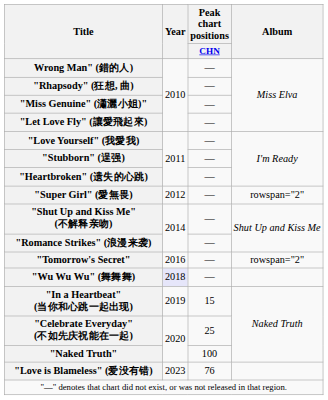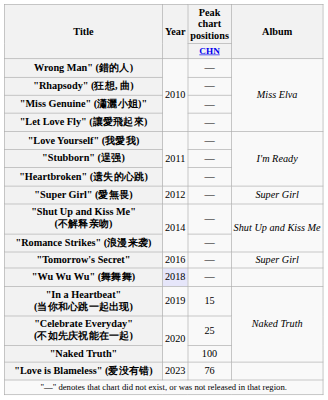 <table class="wikitable plainrowheaders" style="text-align:center;">
 <tr>
 <th rowspan="2" scope="col" width="240">Title</th>
 <th rowspan="2" scope="col">Year</th>
 <th>Peak chart positions</th>
 <th rowspan="2" scope="col">Album</th>
 </tr>
 <tr>
 <th scope="col" style="width:3em;font-size:90%;"><a href='#'>CHN</a><br></th>
 </tr>
 <tr>
 <th scope="row">Wrong Man" (錯的人)</th>
 <td rowspan="4">2010</td>
 <td>—</td>
 <td rowspan="4"><em>Miss Elva</em></td>
 </tr>
 <tr>
 <th scope="row">"Rhapsody" (狂想, 曲)</th>
 <td>—</td>
 </tr>
 <tr>
 <th scope="row">"Miss Genuine" (瀟灑小姐)"</th>
 <td>—</td>
 </tr>
 <tr>
 <th scope="row">"Let Love Fly" (讓愛飛起來)</th>
 <td>—</td>
 </tr>
 <tr>
 <th scope="row">"Love Yourself" (我愛我)</th>
 <td rowspan="3">2011</td>
 <td>—</td>
 <td rowspan="3"><em>I'm Ready</em></td>
 </tr>
 <tr>
 <th scope="row">"Stubborn" (逞强)</th>
 <td>—</td>
 </tr>
 <tr>
 <th scope="row">"Heartbroken" (遗失的心跳)</th>
 <td>—</td>
 </tr>
 <tr>
 <th scope="row">"Super Girl" (愛無畏)</th>
 <td>2012</td>
 <td>—</td>
-<td>rowspan="2" </td>
+<td><em>Super Girl</em></td>
 </tr>
 <tr>
 <th scope="row">"Shut Up and Kiss Me"<br>(不解释亲吻)</th>
 <td rowspan="2">2014</td>
 <td>—</td>
 <td rowspan="2"><em>Shut Up and Kiss Me</em></td>
 </tr>
 <tr>
 <th scope="row">"Romance Strikes" (浪漫来袭)</th>
 <td>—</td>
 </tr>
 <tr>
 <th scope="row">"Tomorrow's Secret"</th>
 <td>2016</td>
 <td>—</td>
-<td>rowspan="2" </td>
+<td><em>Super Girl</em></td>
 </tr>
 <tr>
 <th scope="row">"Wu Wu Wu" (舞舞舞)</th>
 <td style="background: lavender;">2018</td>
 <td>—</td>
 </tr>
 <tr>
 <th scope="row">"In a Heartbeat"<br>(当你和心跳一起出现)</th>
 <td>2019</td>
 <td>15</td>
 <td rowspan="3"><em>Naked Truth</em></td>
 </tr>
 <tr>
 <th scope="row">"Celebrate Everyday"<br>(不如先庆祝能在一起)</th>
 <td rowspan="2">2020</td>
 <td>25</td>
 </tr>
 <tr>
 <th scope="row">"Naked Truth"</th>
 <td>100</td>
 </tr>
 <tr>
 <th scope="row">"Love is Blameless" (爱没有错)</th>
 <td>2023</td>
 <td>76</td>
 <td></td>
 </tr>
 <tr>
 <td colspan="4" style="font-size:85%">"—" denotes that chart did not exist, or was not released in that region.</td>
 </tr>
 </table>
